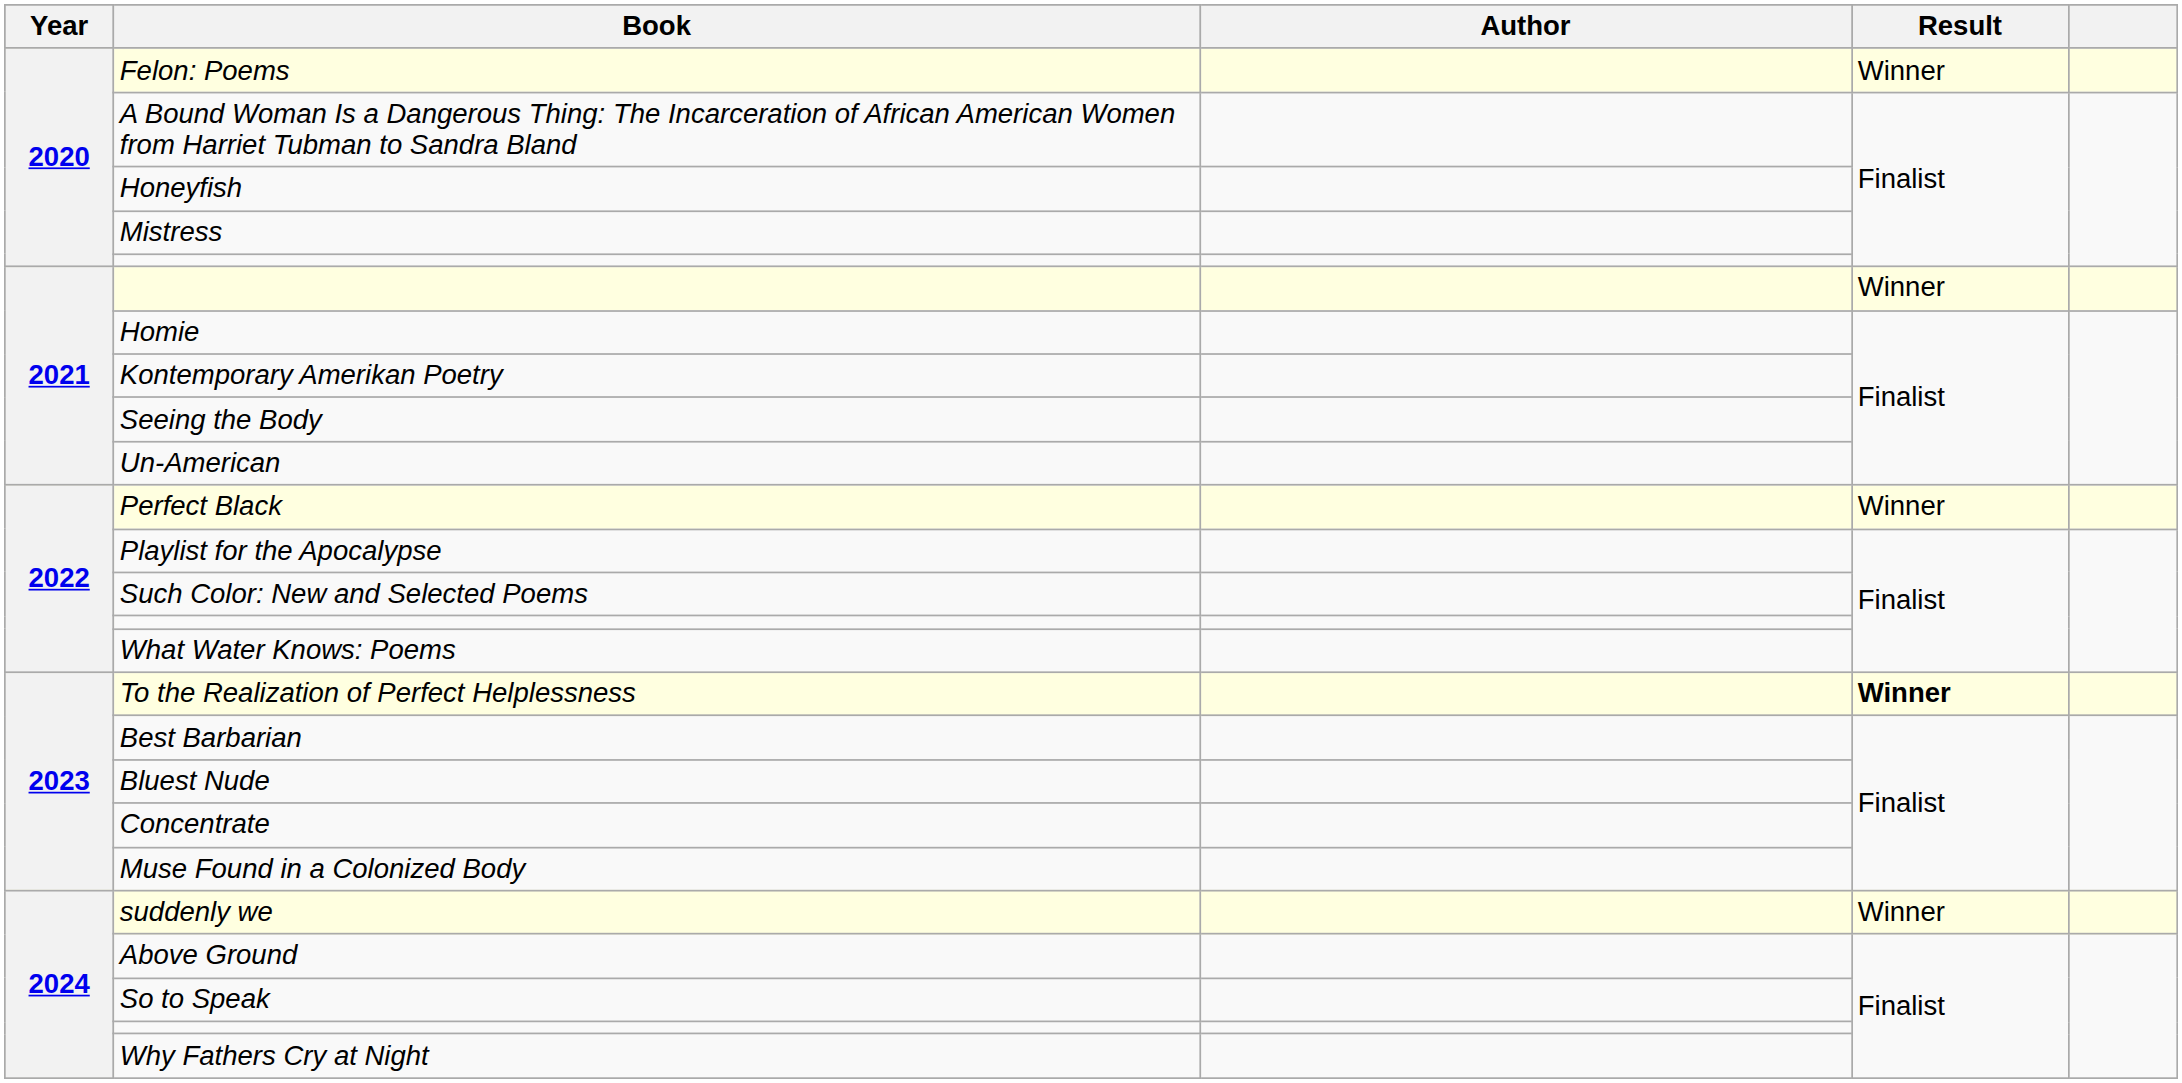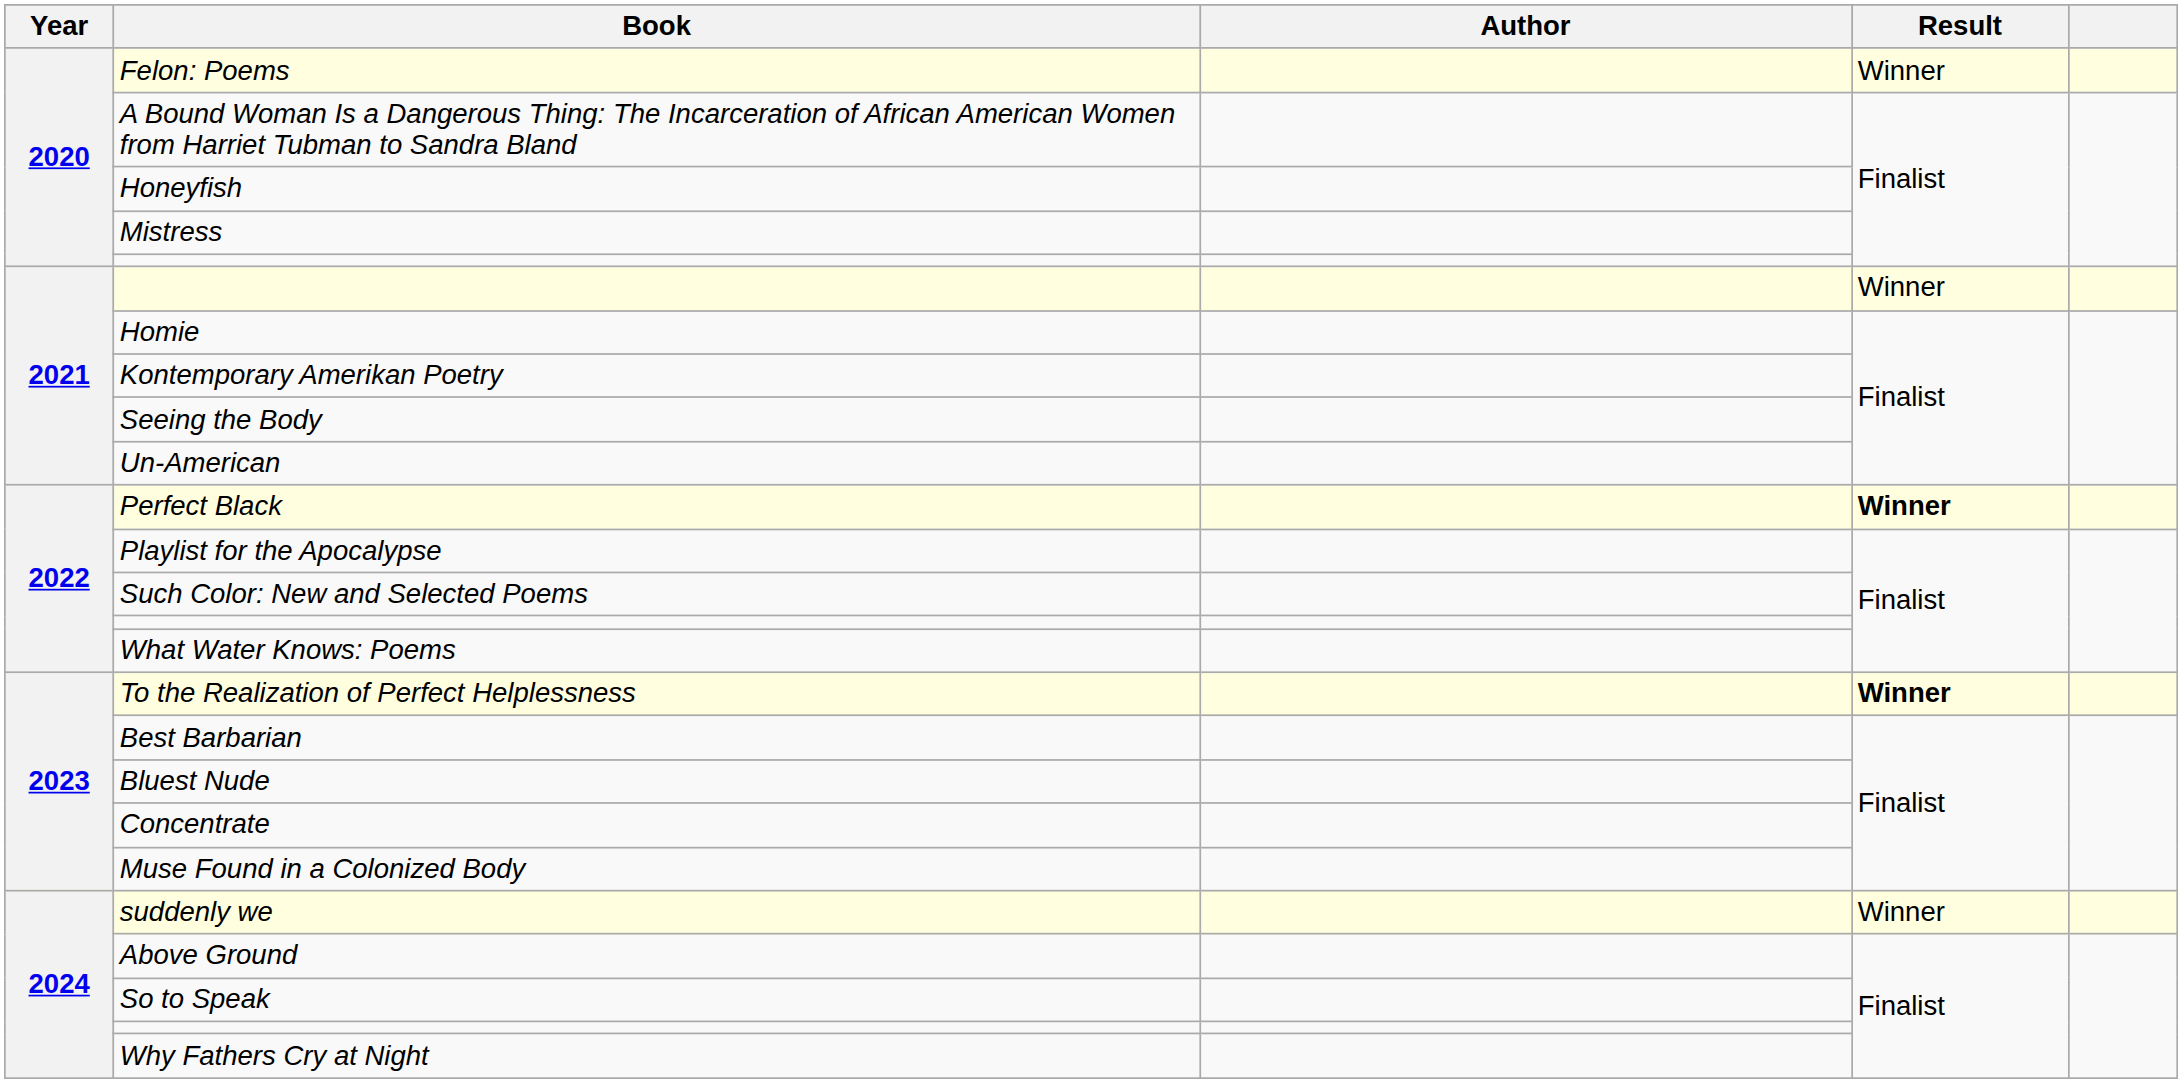 <table class="wikitable sortable mw-collapsible" style="width:100%;">
 <tr style="background:#bebebe;">
 <th scope="col"  width="5%">Year</th>
 <th scope="col"  width="50%">Book</th>
 <th scope="col"  width="30%">Author</th>
 <th scope="col" width="10%">Result</th>
 <th scope="col"  width="5%"></th>
 </tr>
 <tr style="background:lightyellow">
 <th rowspan="5"><a href='#'>2020</a></th>
 <td><em>Felon: Poems</em></td>
 <td></td>
 <td>Winner</td>
 <td align="center"></td>
 </tr>
 <tr>
 <td><em>A Bound Woman Is a Dangerous Thing: The Incarceration of African American Women from Harriet Tubman to Sandra Bland</em></td>
 <td></td>
 <td rowspan="4">Finalist</td>
 <td rowspan="4"></td>
 </tr>
 <tr>
 <td><em>Honeyfish</em></td>
 <td></td>
 </tr>
 <tr>
 <td><em>Mistress</em></td>
 <td></td>
 </tr>
 <tr>
 <td></td>
 <td></td>
 </tr>
 <tr style="background:lightyellow">
 <th rowspan="5"><a href='#'>2021</a></th>
 <td></td>
 <td></td>
 <td>Winner</td>
 <td align="center"></td>
 </tr>
 <tr>
 <td><em>Homie</em></td>
 <td></td>
 <td rowspan="4">Finalist</td>
 <td rowspan="4"></td>
 </tr>
 <tr>
 <td><em>Kontemporary Amerikan Poetry</em></td>
 <td></td>
 </tr>
 <tr>
 <td><em>Seeing the Body</em></td>
 <td></td>
 </tr>
 <tr>
 <td><em>Un-American</em></td>
 <td></td>
 </tr>
 <tr style="background:lightyellow">
 <th rowspan="5"><a href='#'>2022</a></th>
 <td><em>Perfect Black</em></td>
 <td></td>
-<td>Winner</td>
+<td><strong>Winner</strong></td>
 <td></td>
 </tr>
 <tr>
 <td><em>Playlist for the Apocalypse</em></td>
 <td></td>
 <td rowspan="4">Finalist</td>
 <td rowspan="4"></td>
 </tr>
 <tr>
 <td><em>Such Color: New and Selected Poems</em></td>
 <td></td>
 </tr>
 <tr>
 <td><em></em></td>
 <td></td>
 </tr>
 <tr>
 <td><em>What Water Knows: Poems</em></td>
 <td></td>
 </tr>
 <tr style="background:lightyellow">
 <th rowspan="5"><a href='#'>2023</a></th>
 <td><em>To the Realization of Perfect Helplessness</em></td>
 <td></td>
 <td><strong>Winner</strong></td>
 <td></td>
 </tr>
 <tr>
 <td><em>Best Barbarian</em></td>
 <td></td>
 <td rowspan="4">Finalist</td>
 <td rowspan="4"></td>
 </tr>
 <tr>
 <td><em>Bluest Nude</em></td>
 <td></td>
 </tr>
 <tr>
 <td><em>Concentrate</em></td>
 <td></td>
 </tr>
 <tr>
 <td><em>Muse Found in a Colonized Body</em></td>
 <td></td>
 </tr>
 <tr style="background:lightyellow">
 <th rowspan="5"><a href='#'>2024</a></th>
 <td><em>suddenly we</em></td>
 <td></td>
 <td>Winner</td>
 <td></td>
 </tr>
 <tr>
 <td><em>Above Ground</em></td>
 <td></td>
 <td rowspan="4">Finalist</td>
 <td rowspan="4"></td>
 </tr>
 <tr>
 <td><em>So to Speak</em></td>
 <td></td>
 </tr>
 <tr>
 <td></td>
 <td></td>
 </tr>
 <tr>
 <td><em>Why Fathers Cry at Night</em></td>
 <td></td>
 </tr>
 </table>
